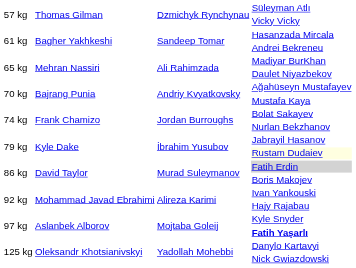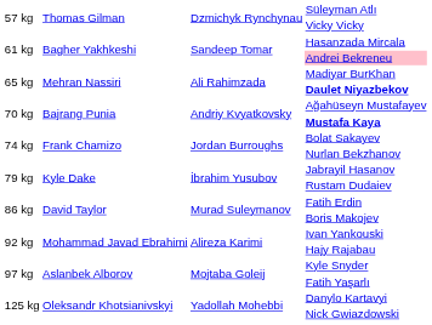 <table>
 <tr>
 <td rowspan=2>57 kg</td>
 <td rowspan=2> <a href='#'>Thomas Gilman</a></td>
 <td rowspan=2> <a href='#'>Dzmichyk Rynchynau</a></td>
 <td> <a href='#'>Süleyman Atlı</a></td>
 </tr>
 <tr>
 <td> <a href='#'>Vicky Vicky</a></td>
 </tr>
 <tr>
 <td rowspan=2>61 kg</td>
 <td rowspan=2> <a href='#'>Bagher Yakhkeshi</a></td>
 <td rowspan=2> <a href='#'>Sandeep Tomar</a></td>
 <td> <a href='#'>Hasanzada Mircala</a></td>
 </tr>
 <tr>
-<td> <a href='#'>Andrei Bekreneu</a></td>
+<td style="background: pink;"> <a href='#'>Andrei Bekreneu</a></td>
 </tr>
 <tr>
 <td rowspan=2>65 kg</td>
 <td rowspan=2> <a href='#'>Mehran Nassiri</a></td>
 <td rowspan=2> <a href='#'>Ali Rahimzada</a></td>
 <td> <a href='#'>Madiyar BurKhan</a></td>
 </tr>
 <tr>
-<td> <a href='#'>Daulet Niyazbekov</a></td>
+<td><strong> <a href='#'>Daulet Niyazbekov</a></strong></td>
 </tr>
 <tr>
 <td rowspan=2>70 kg</td>
 <td rowspan=2> <a href='#'>Bajrang Punia</a></td>
 <td rowspan=2> <a href='#'>Andriy Kvyatkovsky</a></td>
 <td> <a href='#'>Ağahüseyn Mustafayev</a></td>
 </tr>
 <tr>
-<td> <a href='#'>Mustafa Kaya</a></td>
+<td><strong> <a href='#'>Mustafa Kaya</a></strong></td>
 </tr>
 <tr>
 <td rowspan=2>74 kg</td>
 <td rowspan=2> <a href='#'>Frank Chamizo</a></td>
 <td rowspan=2> <a href='#'>Jordan Burroughs</a></td>
 <td> <a href='#'>Bolat Sakayev</a></td>
 </tr>
 <tr>
 <td> <a href='#'>Nurlan Bekzhanov</a></td>
 </tr>
 <tr>
 <td rowspan=2>79 kg</td>
 <td rowspan=2> <a href='#'>Kyle Dake</a></td>
 <td rowspan=2> <a href='#'>İbrahim Yusubov</a></td>
 <td> <a href='#'>Jabrayil Hasanov</a></td>
 </tr>
 <tr>
-<td style="background: lightyellow;"> <a href='#'>Rustam Dudaiev</a></td>
+<td> <a href='#'>Rustam Dudaiev</a></td>
 </tr>
 <tr>
 <td rowspan=2>86 kg</td>
 <td rowspan=2> <a href='#'>David Taylor</a></td>
 <td rowspan=2> <a href='#'>Murad Suleymanov</a></td>
-<td style="background: lightgrey;"> <a href='#'>Fatih Erdin</a></td>
+<td> <a href='#'>Fatih Erdin</a></td>
 </tr>
 <tr>
 <td> <a href='#'>Boris Makojev</a></td>
 </tr>
 <tr>
 <td rowspan=2>92 kg</td>
 <td rowspan=2> <a href='#'>Mohammad Javad Ebrahimi</a></td>
 <td rowspan=2> <a href='#'>Alireza Karimi</a></td>
 <td> <a href='#'>Ivan Yankouski</a></td>
 </tr>
 <tr>
 <td> <a href='#'>Hajy Rajabau</a></td>
 </tr>
 <tr>
 <td rowspan=2>97 kg</td>
 <td rowspan=2> <a href='#'>Aslanbek Alborov</a></td>
 <td rowspan=2> <a href='#'>Mojtaba Goleij</a></td>
 <td> <a href='#'>Kyle Snyder</a></td>
 </tr>
 <tr>
-<td><strong> <a href='#'>Fatih Yaşarlı</a></strong></td>
+<td> <a href='#'>Fatih Yaşarlı</a></td>
 </tr>
 <tr>
 <td rowspan=2>125 kg</td>
 <td rowspan=2> <a href='#'>Oleksandr Khotsianivskyi</a></td>
 <td rowspan=2> <a href='#'>Yadollah Mohebbi</a></td>
 <td> <a href='#'>Danylo Kartavyi</a></td>
 </tr>
 <tr>
 <td> <a href='#'>Nick Gwiazdowski</a></td>
 </tr>
 <tr>
 </tr>
 </table>
